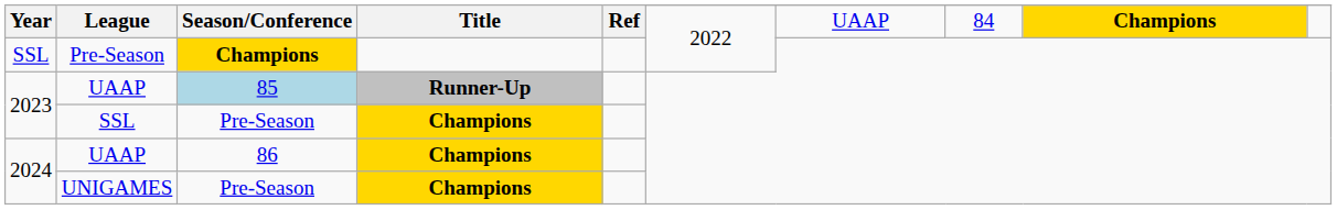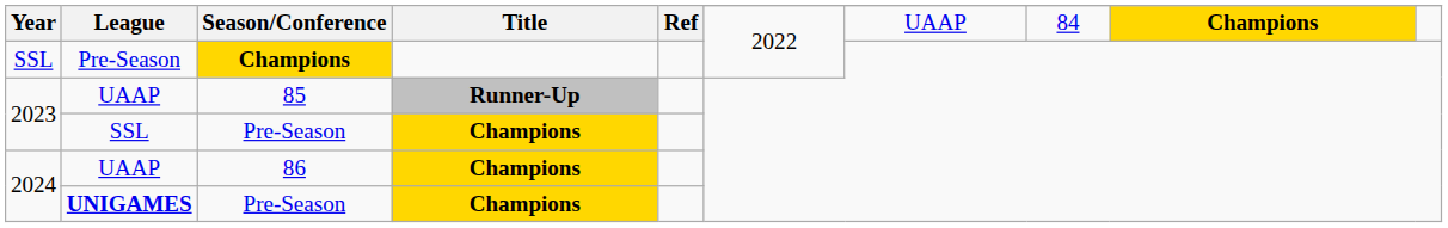 <table class="wikitable sortable" style="text-align:center" width="80%">
 <tr>
 <th style="width:5px;" rowspan="2">Year</th>
 <th style="width:25px;" rowspan="2">League</th>
 <th style="width:100px;" rowspan="2">Season/Conference</th>
 <th style="width:180px;" rowspan="2">Title</th>
 <th style="width:25px;" rowspan="2">Ref</th>
 </tr>
 <tr>
 <td rowspan="2">2022</td>
 <td><a href='#'>UAAP</a></td>
 <td><a href='#'>84</a></td>
 <td style="background:gold"><strong>Champions</strong></td>
 <td></td>
 </tr>
 <tr>
 <td><a href='#'>SSL</a></td>
 <td><a href='#'>Pre-Season</a></td>
 <td style="background:gold"><strong>Champions</strong></td>
 <td></td>
 </tr>
 <tr>
 <td rowspan="2">2023</td>
 <td><a href='#'>UAAP</a></td>
-<td style="background: lightblue;"><a href='#'>85</a></td>
+<td><a href='#'>85</a></td>
 <td style="background:silver"><strong>Runner-Up</strong></td>
 <td></td>
 </tr>
 <tr>
 <td><a href='#'>SSL</a></td>
 <td><a href='#'>Pre-Season</a></td>
 <td style="background:gold"><strong>Champions</strong></td>
 <td></td>
 </tr>
 <tr>
 <td rowspan="2">2024</td>
 <td><a href='#'>UAAP</a></td>
 <td><a href='#'>86</a></td>
 <td style="background:gold"><strong>Champions</strong></td>
 <td></td>
 </tr>
 <tr>
-<td><a href='#'>UNIGAMES</a></td>
+<td><strong><a href='#'>UNIGAMES</a></strong></td>
 <td><a href='#'>Pre-Season</a></td>
 <td style="background:gold"><strong>Champions</strong></td>
 <td></td>
 </tr>
 </table>
